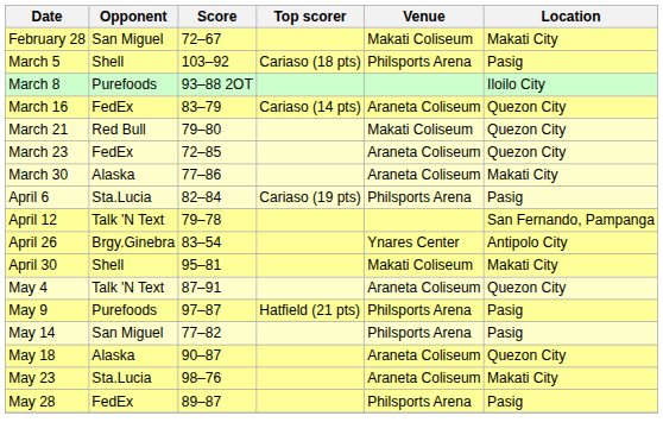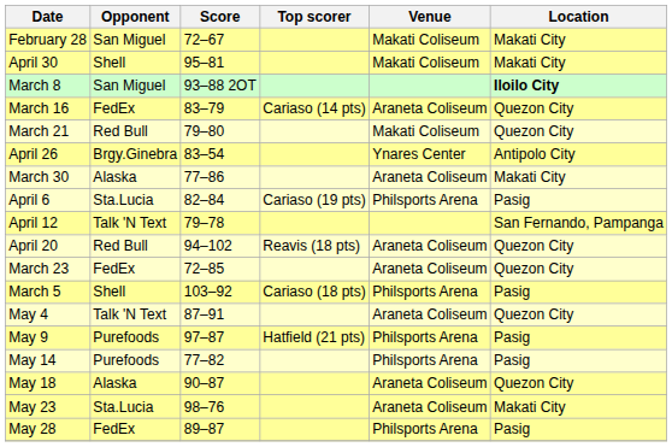 <table class="wikitable sortable sortable">
 <tr>
 <th>Date</th>
 <th>Opponent</th>
 <th>Score</th>
 <th>Top scorer</th>
 <th>Venue</th>
 <th>Location</th>
 </tr>
 <tr bgcolor=#FFFF99>
 <td>February 28</td>
 <td>San Miguel</td>
 <td>72–67</td>
 <td></td>
 <td>Makati Coliseum</td>
 <td>Makati City</td>
 </tr>
 <tr bgcolor=#FFFF99>
-<td>March 5</td>
+<td>April 30</td>
 <td>Shell</td>
-<td>103–92</td>
-<td>Cariaso (18 pts)</td>
-<td>Philsports Arena</td>
-<td>Pasig</td>
+<td>95–81</td>
+<td></td>
+<td>Makati Coliseum</td>
+<td>Makati City</td>
 </tr>
 <tr bgcolor=#ccffcc>
 <td>March 8</td>
-<td>Purefoods</td>
+<td>San Miguel</td>
 <td>93–88 2OT</td>
 <td></td>
 <td></td>
-<td>Iloilo City</td>
+<td><strong>Iloilo City</strong></td>
 </tr>
 <tr bgcolor=#FFFF99>
 <td>March 16</td>
 <td>FedEx</td>
 <td>83–79</td>
 <td>Cariaso (14 pts)</td>
 <td>Araneta Coliseum</td>
 <td>Quezon City</td>
 </tr>
 <tr bgcolor=#FFFFCC>
 <td>March 21</td>
 <td>Red Bull</td>
 <td>79–80</td>
 <td></td>
 <td>Makati Coliseum</td>
 <td>Quezon City</td>
 </tr>
-<tr bgcolor=#FFFFCC>
-<td>March 23</td>
-<td>FedEx</td>
-<td>72–85</td>
+<tr bgcolor=#FFFF99>
+<td>April 26</td>
+<td>Brgy.Ginebra</td>
+<td>83–54</td>
 <td></td>
-<td>Araneta Coliseum</td>
-<td>Quezon City</td>
+<td>Ynares Center</td>
+<td>Antipolo City</td>
 </tr>
 <tr bgcolor=#FFFFCC>
 <td>March 30</td>
 <td>Alaska</td>
 <td>77–86</td>
 <td></td>
 <td>Araneta Coliseum</td>
 <td>Makati City</td>
 </tr>
 <tr bgcolor=#FFFFCC>
 <td>April 6</td>
 <td>Sta.Lucia</td>
 <td>82–84</td>
 <td>Cariaso (19 pts)</td>
 <td>Philsports Arena</td>
 <td>Pasig</td>
 </tr>
 <tr bgcolor=#FFFF99>
 <td>April 12</td>
 <td>Talk 'N Text</td>
 <td>79–78</td>
 <td></td>
 <td></td>
 <td>San Fernando, Pampanga</td>
 </tr>
-<tr bgcolor=#FFFF99>
-<td>April 26</td>
-<td>Brgy.Ginebra</td>
-<td>83–54</td>
+<tr bgcolor=#FFFFCC>
+<td>April 20</td>
+<td>Red Bull</td>
+<td>94–102</td>
+<td>Reavis (18 pts)</td>
+<td>Araneta Coliseum</td>
+<td>Quezon City</td>
+</tr>
+<tr bgcolor=#FFFFCC>
+<td>March 23</td>
+<td>FedEx</td>
+<td>72–85</td>
 <td></td>
-<td>Ynares Center</td>
-<td>Antipolo City</td>
+<td>Araneta Coliseum</td>
+<td>Quezon City</td>
 </tr>
 <tr bgcolor=#FFFF99>
-<td>April 30</td>
+<td>March 5</td>
 <td>Shell</td>
-<td>95–81</td>
-<td></td>
-<td>Makati Coliseum</td>
-<td>Makati City</td>
+<td>103–92</td>
+<td>Cariaso (18 pts)</td>
+<td>Philsports Arena</td>
+<td>Pasig</td>
 </tr>
 <tr bgcolor=#FFFFCC>
 <td>May 4</td>
 <td>Talk 'N Text</td>
 <td>87–91</td>
 <td></td>
 <td>Araneta Coliseum</td>
 <td>Quezon City</td>
 </tr>
 <tr bgcolor=#FFFF99>
 <td>May 9</td>
 <td>Purefoods</td>
 <td>97–87</td>
 <td>Hatfield (21 pts)</td>
 <td>Philsports Arena</td>
 <td>Pasig</td>
 </tr>
 <tr bgcolor=#FFFFCC>
 <td>May 14</td>
-<td>San Miguel</td>
+<td>Purefoods</td>
 <td>77–82</td>
 <td></td>
 <td>Philsports Arena</td>
 <td>Pasig</td>
 </tr>
 <tr bgcolor=#FFFF99>
 <td>May 18</td>
 <td>Alaska</td>
 <td>90–87</td>
 <td></td>
 <td>Araneta Coliseum</td>
 <td>Quezon City</td>
 </tr>
 <tr bgcolor=#FFFF99>
 <td>May 23</td>
 <td>Sta.Lucia</td>
 <td>98–76</td>
 <td></td>
 <td>Araneta Coliseum</td>
 <td>Makati City</td>
 </tr>
 <tr bgcolor=#FFFF99>
 <td>May 28</td>
 <td>FedEx</td>
 <td>89–87</td>
 <td></td>
 <td>Philsports Arena</td>
 <td>Pasig</td>
 </tr>
 <tr>
 </tr>
 </table>
